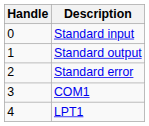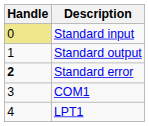 <table class="wikitable">
 <tr>
 <th>Handle</th>
 <th>Description</th>
 </tr>
 <tr>
-<td>0</td>
+<td style="background: khaki;">0</td>
 <td><a href='#'>Standard input</a></td>
 </tr>
 <tr>
 <td>1</td>
 <td><a href='#'>Standard output</a></td>
 </tr>
 <tr>
-<td>2</td>
+<td><strong>2</strong></td>
 <td><a href='#'>Standard error</a></td>
 </tr>
 <tr>
 <td>3</td>
 <td><a href='#'>COM1</a></td>
 </tr>
 <tr>
 <td>4</td>
 <td><a href='#'>LPT1</a></td>
 </tr>
 </table>
